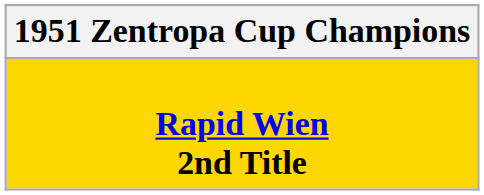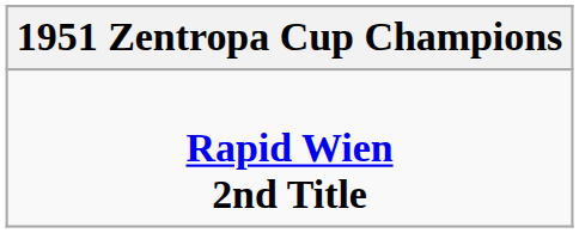 <table class=wikitable style="text-align:center; margin:auto">
 <tr>
 <th>1951 Zentropa Cup Champions</th>
 </tr>
 <tr>
-<td style="background: gold;"> <br> <strong><a href='#'>Rapid Wien</a></strong> <br> <strong>2nd Title</strong></td>
+<td> <br> <strong><a href='#'>Rapid Wien</a></strong> <br> <strong>2nd Title</strong></td>
 </tr>
 </table>
